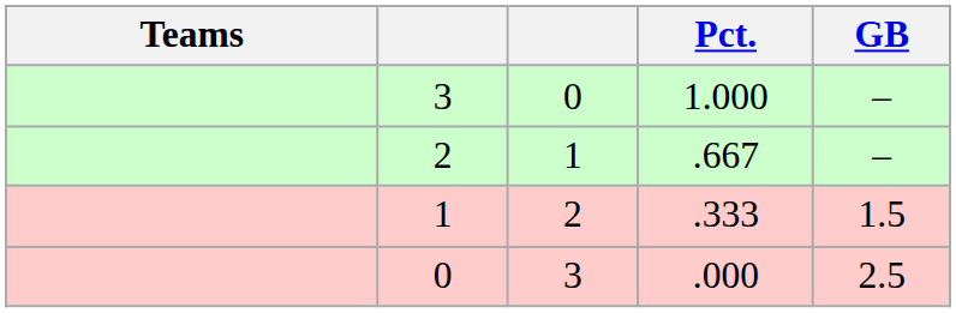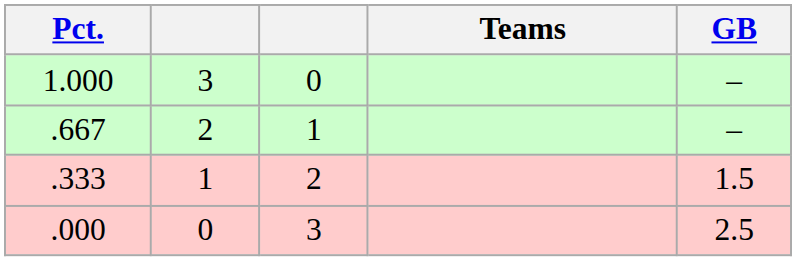 <table class="wikitable" width="400" style="text-align:center;">
 <tr>
-<th width="20%">Teams</th>
+<th width="8%"><a href='#'>Pct.</a></th>
 <th width="7%"></th>
 <th width="7%"></th>
-<th width="8%"><a href='#'>Pct.</a></th>
+<th width="20%">Teams</th>
 <th width="7%"><a href='#'>GB</a></th>
 </tr>
 <tr style="background-color:#cfc">
-<td align=left></td>
+<td>1.000</td>
 <td>3</td>
 <td>0</td>
-<td>1.000</td>
+<td align=left></td>
 <td>–</td>
 </tr>
 <tr style="background-color:#cfc">
-<td align=left></td>
+<td>.667</td>
 <td>2</td>
 <td>1</td>
-<td>.667</td>
+<td align=left></td>
 <td>–</td>
 </tr>
 <tr style="background-color:#fcc">
-<td align=left></td>
+<td>.333</td>
 <td>1</td>
 <td>2</td>
-<td>.333</td>
+<td align=left></td>
 <td>1.5</td>
 </tr>
 <tr style="background-color:#fcc">
-<td align=left></td>
+<td>.000</td>
 <td>0</td>
 <td>3</td>
-<td>.000</td>
+<td align=left></td>
 <td>2.5</td>
 </tr>
 </table>
